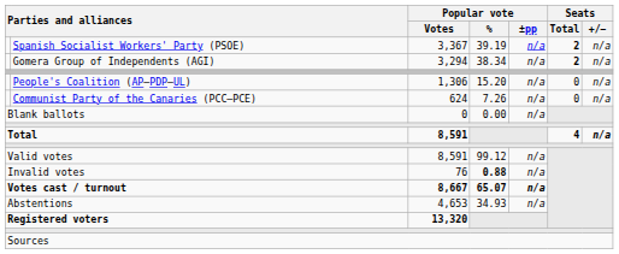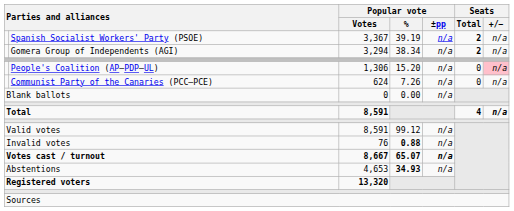 <table class="wikitable" style="text-align:right;">
 <tr>
 <th style="text-align:left;" rowspan="2" colspan="2" width="525">Parties and alliances</th>
 <th colspan="3">Popular vote</th>
 <th colspan="2">Seats</th>
 </tr>
 <tr>
 <th width="75">Votes</th>
 <th width="45">%</th>
 <th width="45">±<a href='#'>pp</a></th>
 <th width="35">Total</th>
 <th width="35">+/−</th>
 </tr>
 <tr>
 <td width="1" style="color:inherit;background:"></td>
 <td align="left"><a href='#'>Spanish Socialist Workers' Party</a> (PSOE)</td>
 <td>3,367</td>
 <td>39.19</td>
 <td><em><a href='#'>n/a</a></em></td>
 <td><strong>2</strong></td>
 <td><em>n/a</em></td>
 </tr>
 <tr>
 <td style="color:inherit;background:"></td>
 <td align="left">Gomera Group of Independents (AGI)</td>
 <td>3,294</td>
 <td>38.34</td>
 <td><em>n/a</em></td>
 <td><strong>2</strong></td>
 <td><em>n/a</em></td>
 </tr>
 <tr>
 <td colspan="7" bgcolor="#C0C0C0"></td>
 </tr>
 <tr>
 <td style="color:inherit;background:"></td>
 <td align="left"><a href='#'>People's Coalition</a> (<a href='#'>AP</a>–<a href='#'>PDP</a>–<a href='#'>UL</a>)</td>
 <td>1,306</td>
 <td>15.20</td>
 <td><em>n/a</em></td>
 <td>0</td>
-<td><em>n/a</em></td>
+<td style="background: pink;"><em>n/a</em></td>
 </tr>
 <tr>
 <td style="color:inherit;background:"></td>
 <td align="left"><a href='#'>Communist Party of the Canaries</a> (PCC–PCE)</td>
 <td>624</td>
 <td>7.26</td>
 <td><em>n/a</em></td>
 <td>0</td>
 <td><em>n/a</em></td>
 </tr>
 <tr>
 <td align="left" colspan="2">Blank ballots</td>
 <td>0</td>
 <td>0.00</td>
 <td><em>n/a</em></td>
 <td bgcolor="#E9E9E9" colspan="2"></td>
 </tr>
 <tr>
 <td colspan="7" bgcolor="#E9E9E9"></td>
 </tr>
 <tr style="font-weight:bold;">
 <td align="left" colspan="2">Total</td>
 <td>8,591</td>
 <td bgcolor="#E9E9E9" colspan="2"></td>
 <td>4</td>
 <td><em>n/a</em></td>
 </tr>
 <tr>
 <td colspan="7" bgcolor="#E9E9E9"></td>
 </tr>
 <tr>
 <td align="left" colspan="2">Valid votes</td>
 <td>8,591</td>
 <td>99.12</td>
 <td><em>n/a</em></td>
 <td bgcolor="#E9E9E9" colspan="2" rowspan="5"></td>
 </tr>
 <tr>
 <td align="left" colspan="2">Invalid votes</td>
 <td>76</td>
 <td><strong>0.88</strong></td>
 <td><em>n/a</em></td>
 </tr>
 <tr style="font-weight:bold;">
 <td align="left" colspan="2">Votes cast / turnout</td>
 <td>8,667</td>
 <td>65.07</td>
 <td><em>n/a</em></td>
 </tr>
 <tr>
 <td align="left" colspan="2">Abstentions</td>
 <td>4,653</td>
-<td>34.93</td>
+<td><strong>34.93</strong></td>
 <td><em>n/a</em></td>
 </tr>
 <tr style="font-weight:bold;">
 <td align="left" colspan="2">Registered voters</td>
 <td>13,320</td>
 <td bgcolor="#E9E9E9" colspan="2"></td>
 </tr>
 <tr>
 <td colspan="7" bgcolor="#E9E9E9"></td>
 </tr>
 <tr>
 <td align="left" colspan="7">Sources</td>
 </tr>
 </table>
